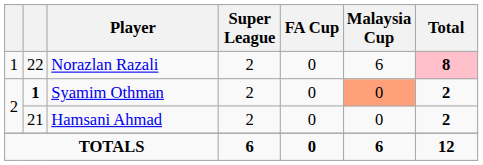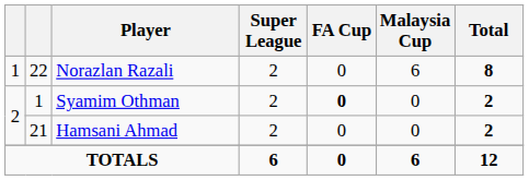 <table class="wikitable sortable" style="font-size: 95%; text-align: center;">
 <tr>
 <th width=10></th>
 <th width=10></th>
 <th width=150>Player</th>
 <th width=50>Super League</th>
 <th width=50>FA Cup</th>
 <th width=50>Malaysia Cup</th>
 <th width=50>Total</th>
 </tr>
 <tr>
 <td>1</td>
 <td>22</td>
 <td align=left> <a href='#'>Norazlan Razali</a></td>
 <td>2</td>
 <td>0</td>
 <td>6</td>
-<td style="background: pink;"><strong>8</strong></td>
+<td><strong>8</strong></td>
 </tr>
 <tr>
 <td rowspan="2">2</td>
-<td><strong>1</strong></td>
+<td>1</td>
 <td align=left> <a href='#'>Syamim Othman</a></td>
 <td>2</td>
+<td><strong>0</strong></td>
 <td>0</td>
-<td style="background: lightsalmon;">0</td>
 <td><strong>2</strong></td>
 </tr>
 <tr>
 <td>21</td>
 <td align=left> <a href='#'>Hamsani Ahmad</a></td>
 <td>2</td>
 <td>0</td>
 <td>0</td>
 <td><strong>2</strong></td>
 </tr>
 <tr>
 </tr>
 <tr class="sortbottom">
 <td colspan=3><strong>TOTALS</strong></td>
 <td><strong>6</strong></td>
 <td><strong>0</strong></td>
 <td><strong>6</strong></td>
 <td><strong>12</strong></td>
 </tr>
 </table>
